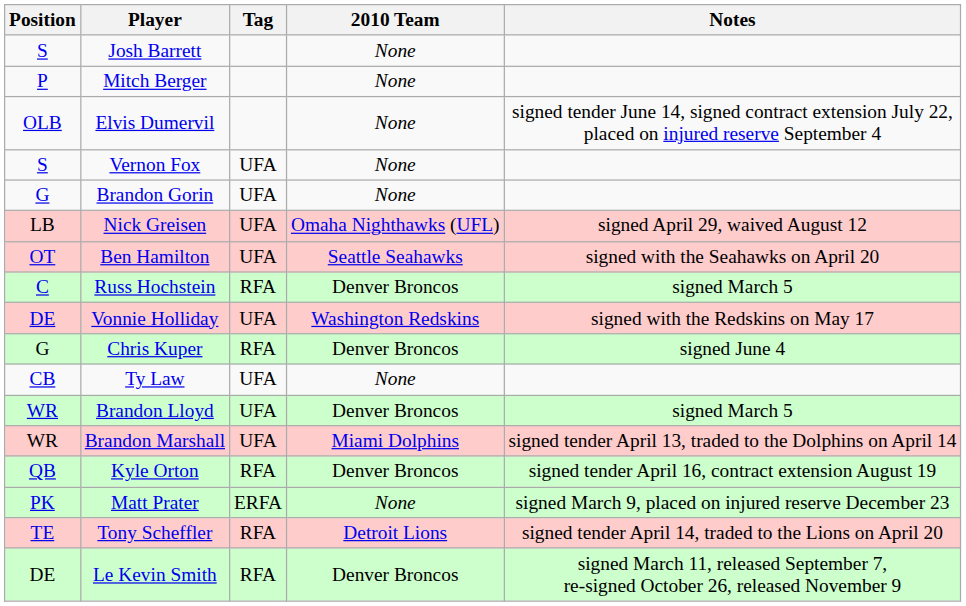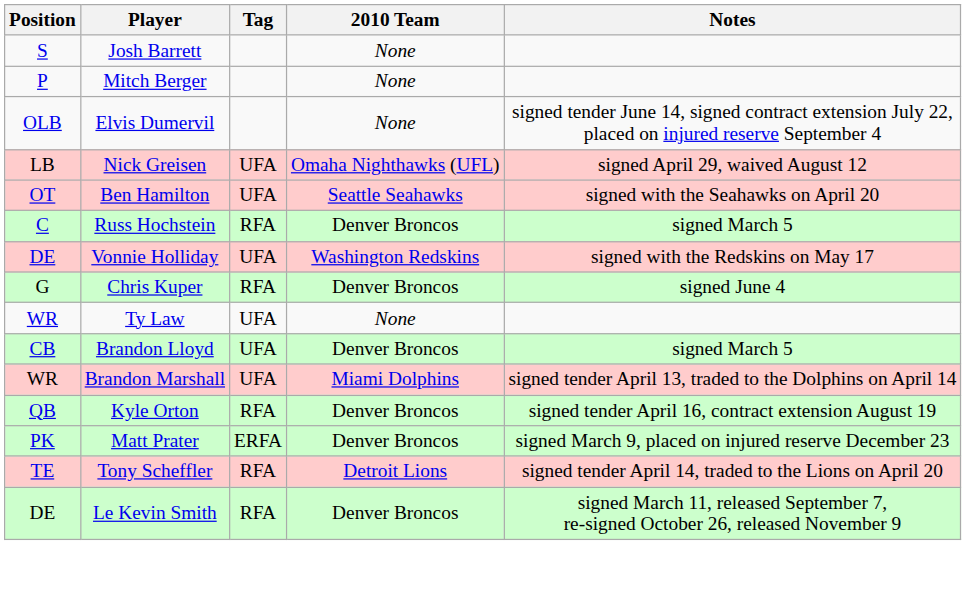 <table class="wikitable" style="text-align:center">
 <tr>
 <th>Position</th>
 <th>Player</th>
 <th>Tag</th>
 <th>2010 Team</th>
 <th>Notes</th>
 </tr>
 <tr>
 <td><a href='#'>S</a></td>
 <td><a href='#'>Josh Barrett</a></td>
 <td></td>
 <td><em>None</em></td>
 <td></td>
 </tr>
 <tr>
 <td><a href='#'>P</a></td>
 <td><a href='#'>Mitch Berger</a></td>
 <td></td>
 <td><em>None</em></td>
 <td></td>
 </tr>
 <tr>
 <td><a href='#'>OLB</a></td>
 <td><a href='#'>Elvis Dumervil</a></td>
 <td></td>
 <td><em>None</em></td>
 <td>signed tender June 14, signed contract extension July 22,<br>placed on <a href='#'>injured reserve</a> September 4</td>
-</tr>
-<tr>
-<td><a href='#'>S</a></td>
-<td><a href='#'>Vernon Fox</a></td>
-<td>UFA</td>
-<td><em>None</em></td>
-<td></td>
-</tr>
-<tr>
-<td><a href='#'>G</a></td>
-<td><a href='#'>Brandon Gorin</a></td>
-<td>UFA</td>
-<td><em>None</em></td>
-<td></td>
 </tr>
 <tr style="background:#fcc">
 <td>LB</td>
 <td><a href='#'>Nick Greisen</a></td>
 <td>UFA</td>
 <td><a href='#'>Omaha Nighthawks</a> (<a href='#'>UFL</a>)</td>
 <td>signed April 29, waived August 12</td>
 </tr>
 <tr style="background:#fcc">
 <td><a href='#'>OT</a></td>
 <td><a href='#'>Ben Hamilton</a></td>
 <td>UFA</td>
 <td><a href='#'>Seattle Seahawks</a></td>
 <td>signed with the Seahawks on April 20</td>
 </tr>
 <tr style="background:#cfc">
 <td><a href='#'>C</a></td>
 <td><a href='#'>Russ Hochstein</a></td>
 <td>RFA</td>
 <td>Denver Broncos</td>
 <td>signed March 5</td>
 </tr>
 <tr style="background:#fcc">
 <td><a href='#'>DE</a></td>
 <td><a href='#'>Vonnie Holliday</a></td>
 <td>UFA</td>
 <td><a href='#'>Washington Redskins</a></td>
 <td>signed with the Redskins on May 17</td>
 </tr>
 <tr style="background:#cfc">
 <td>G</td>
 <td><a href='#'>Chris Kuper</a></td>
 <td>RFA</td>
 <td>Denver Broncos</td>
 <td>signed June 4</td>
 </tr>
 <tr>
-<td><a href='#'>CB</a></td>
+<td><a href='#'>WR</a></td>
 <td><a href='#'>Ty Law</a></td>
 <td>UFA</td>
 <td><em>None</em></td>
 <td></td>
 </tr>
 <tr style="background:#cfc">
-<td><a href='#'>WR</a></td>
+<td><a href='#'>CB</a></td>
 <td><a href='#'>Brandon Lloyd</a></td>
 <td>UFA</td>
 <td>Denver Broncos</td>
 <td>signed March 5</td>
 </tr>
 <tr style="background:#fcc">
 <td>WR</td>
 <td><a href='#'>Brandon Marshall</a></td>
 <td>UFA</td>
 <td><a href='#'>Miami Dolphins</a></td>
 <td>signed tender April 13, traded to the Dolphins on April 14</td>
 </tr>
 <tr style="background:#cfc">
 <td><a href='#'>QB</a></td>
 <td><a href='#'>Kyle Orton</a></td>
 <td>RFA</td>
 <td>Denver Broncos</td>
 <td>signed tender April 16, contract extension August 19</td>
 </tr>
 <tr style="background:#cfc">
 <td><a href='#'>PK</a></td>
 <td><a href='#'>Matt Prater</a></td>
 <td>ERFA</td>
-<td><em>None</em></td>
+<td>Denver Broncos</td>
 <td>signed March 9, placed on injured reserve December 23</td>
 </tr>
 <tr style="background:#fcc">
 <td><a href='#'>TE</a></td>
 <td><a href='#'>Tony Scheffler</a></td>
 <td>RFA</td>
 <td><a href='#'>Detroit Lions</a></td>
 <td>signed tender April 14, traded to the Lions on April 20</td>
 </tr>
 <tr style="background:#cfc">
 <td>DE</td>
 <td><a href='#'>Le Kevin Smith</a></td>
 <td>RFA</td>
 <td>Denver Broncos</td>
 <td>signed March 11, released September 7,<br>re-signed October 26, released November 9</td>
 </tr>
 </table>
